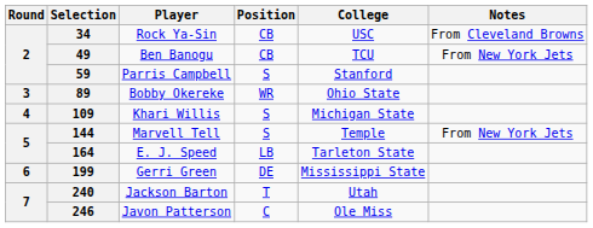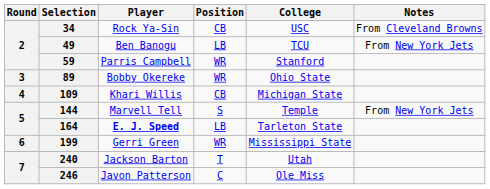 <table class="wikitable" style="text-align:center">
 <tr>
 <th>Round</th>
 <th>Selection</th>
 <th>Player</th>
 <th>Position</th>
 <th>College</th>
 <th>Notes</th>
 </tr>
 <tr>
 <th rowspan="3">2</th>
 <th>34</th>
 <td><a href='#'>Rock Ya-Sin</a></td>
 <td><a href='#'>CB</a></td>
 <td><a href='#'>USC</a></td>
 <td>From <a href='#'>Cleveland Browns</a></td>
 </tr>
 <tr>
 <th>49</th>
 <td><a href='#'>Ben Banogu</a></td>
-<td><a href='#'>CB</a></td>
+<td><a href='#'>LB</a></td>
 <td><a href='#'>TCU</a></td>
 <td>From <a href='#'>New York Jets</a></td>
 </tr>
 <tr>
 <th>59</th>
 <td><a href='#'>Parris Campbell</a></td>
-<td><a href='#'>S</a></td>
+<td><a href='#'>WR</a></td>
 <td><a href='#'>Stanford</a></td>
 <td></td>
 </tr>
 <tr>
 <th>3</th>
 <th>89</th>
 <td><a href='#'>Bobby Okereke</a></td>
 <td><a href='#'>WR</a></td>
 <td><a href='#'>Ohio State</a></td>
 <td></td>
 </tr>
 <tr>
 <th>4</th>
 <th>109</th>
 <td><a href='#'>Khari Willis</a></td>
-<td><a href='#'>S</a></td>
+<td><a href='#'>CB</a></td>
 <td><a href='#'>Michigan State</a></td>
 <td></td>
 </tr>
 <tr>
 <th rowspan="2">5</th>
 <th>144</th>
 <td><a href='#'>Marvell Tell</a></td>
 <td><a href='#'>S</a></td>
 <td><a href='#'>Temple</a></td>
 <td>From <a href='#'>New York Jets</a></td>
 </tr>
 <tr>
 <th>164</th>
-<td><a href='#'>E. J. Speed</a></td>
+<td><strong><a href='#'>E. J. Speed</a></strong></td>
 <td><a href='#'>LB</a></td>
 <td><a href='#'>Tarleton State</a></td>
 <td></td>
 </tr>
 <tr>
 <th>6</th>
 <th>199</th>
 <td><a href='#'>Gerri Green</a></td>
-<td><a href='#'>DE</a></td>
+<td><a href='#'>WR</a></td>
 <td><a href='#'>Mississippi State</a></td>
 <td></td>
 </tr>
 <tr>
 <th rowspan="2">7</th>
 <th>240</th>
 <td><a href='#'>Jackson Barton</a></td>
 <td><a href='#'>T</a></td>
 <td><a href='#'>Utah</a></td>
 <td></td>
 </tr>
 <tr>
 <th>246</th>
 <td><a href='#'>Javon Patterson</a></td>
 <td><a href='#'>C</a></td>
 <td><a href='#'>Ole Miss</a></td>
 <td></td>
 </tr>
 </table>
